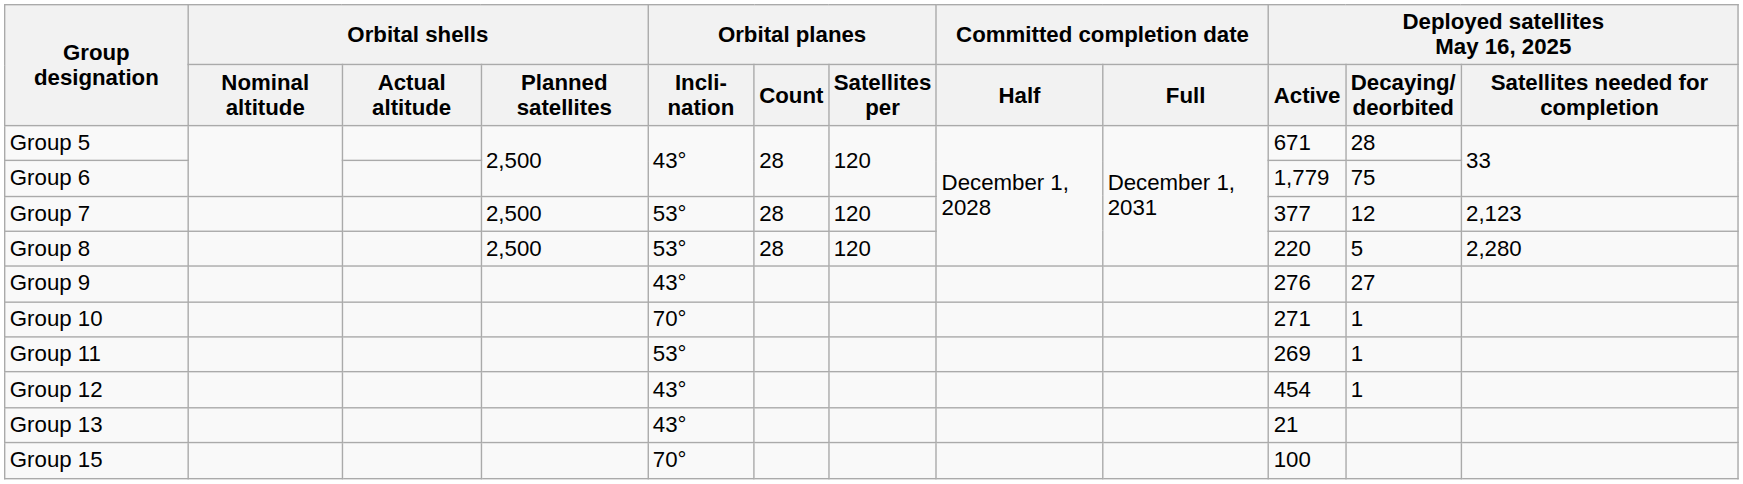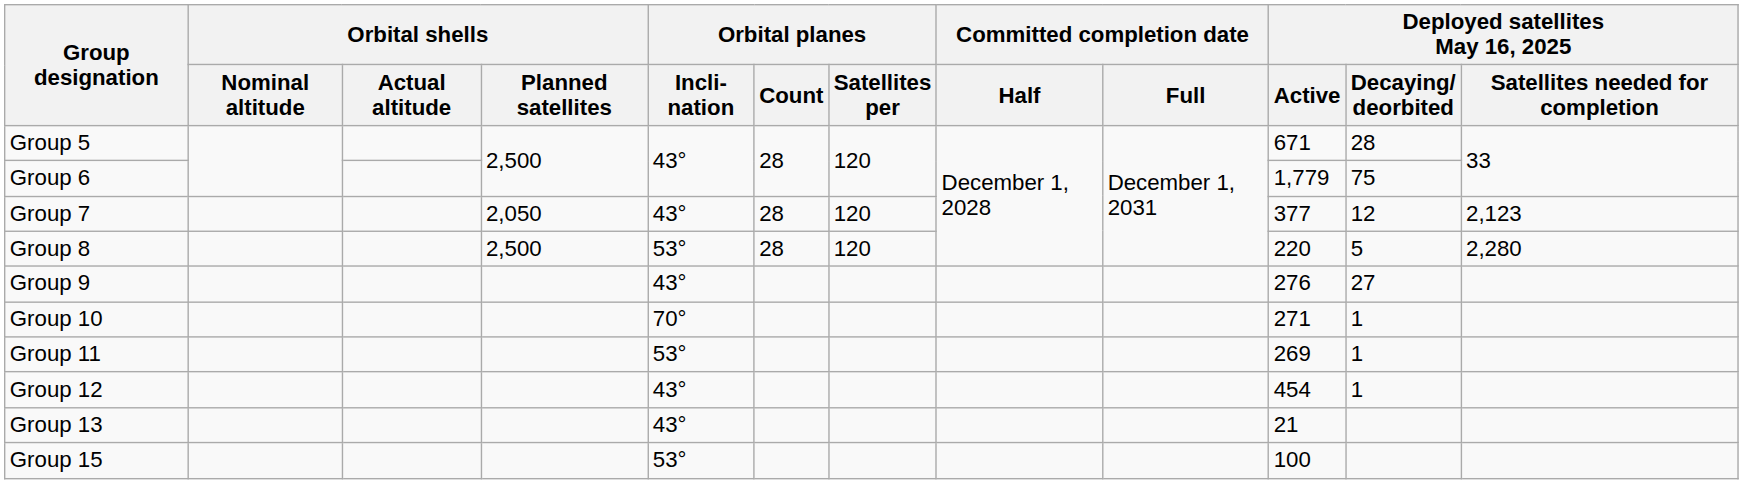 <table class="wikitable">
 <tr>
 <th rowspan="2">Group designation</th>
 <th colspan="3">Orbital shells</th>
 <th colspan="3">Orbital planes</th>
 <th colspan="2">Committed completion date</th>
 <th colspan="3">Deployed satellites<br>May 16, 2025</th>
 </tr>
 <tr>
 <th>Nominal altitude</th>
 <th>Actual altitude</th>
 <th>Planned satellites</th>
 <th>Incli­nation</th>
 <th>Count</th>
 <th>Satellites<br>per</th>
 <th>Half</th>
 <th>Full</th>
 <th>Active</th>
 <th>Decaying/<br>deorbited</th>
 <th>Satellites needed for completion</th>
 </tr>
 <tr>
 <td>Group 5</td>
 <td rowspan="2"></td>
 <td></td>
 <td rowspan="2">2,500</td>
 <td rowspan="2">43°</td>
 <td rowspan="2">28</td>
 <td rowspan="2">120</td>
 <td rowspan="4">December 1, 2028</td>
 <td rowspan="4">December 1, 2031</td>
 <td>671</td>
 <td>28</td>
 <td rowspan="2">33</td>
 </tr>
 <tr>
 <td>Group 6</td>
 <td></td>
 <td>1,779</td>
 <td>75</td>
 </tr>
 <tr>
 <td>Group 7</td>
 <td></td>
 <td></td>
-<td>2,500</td>
-<td>53°</td>
+<td>2,050</td>
+<td>43°</td>
 <td>28</td>
 <td>120</td>
 <td>377</td>
 <td>12</td>
 <td>2,123</td>
 </tr>
 <tr>
 <td>Group 8</td>
 <td></td>
 <td></td>
 <td>2,500</td>
 <td>53°</td>
 <td>28</td>
 <td>120</td>
 <td>220</td>
 <td>5</td>
 <td>2,280</td>
 </tr>
 <tr>
 <td>Group 9</td>
 <td></td>
 <td></td>
 <td></td>
 <td>43°</td>
 <td></td>
 <td></td>
 <td></td>
 <td></td>
 <td>276</td>
 <td>27</td>
 <td></td>
 </tr>
 <tr>
 <td>Group 10</td>
 <td></td>
 <td></td>
 <td></td>
 <td>70°</td>
 <td></td>
 <td></td>
 <td></td>
 <td></td>
 <td>271</td>
 <td>1</td>
 <td></td>
 </tr>
 <tr>
 <td>Group 11</td>
 <td></td>
 <td></td>
 <td></td>
 <td>53°</td>
 <td></td>
 <td></td>
 <td></td>
 <td></td>
 <td>269</td>
 <td>1</td>
 <td></td>
 </tr>
 <tr>
 <td>Group 12</td>
 <td></td>
 <td></td>
 <td></td>
 <td>43°</td>
 <td></td>
 <td></td>
 <td></td>
 <td></td>
 <td>454</td>
 <td>1</td>
 <td></td>
 </tr>
 <tr>
 <td>Group 13</td>
 <td></td>
 <td></td>
 <td></td>
 <td>43°</td>
 <td></td>
 <td></td>
 <td></td>
 <td></td>
 <td>21</td>
 <td></td>
 <td></td>
 </tr>
 <tr>
 <td>Group 15</td>
 <td></td>
 <td></td>
 <td></td>
-<td>70°</td>
+<td>53°</td>
 <td></td>
 <td></td>
 <td></td>
 <td></td>
 <td>100</td>
 <td></td>
 </tr>
 </table>
